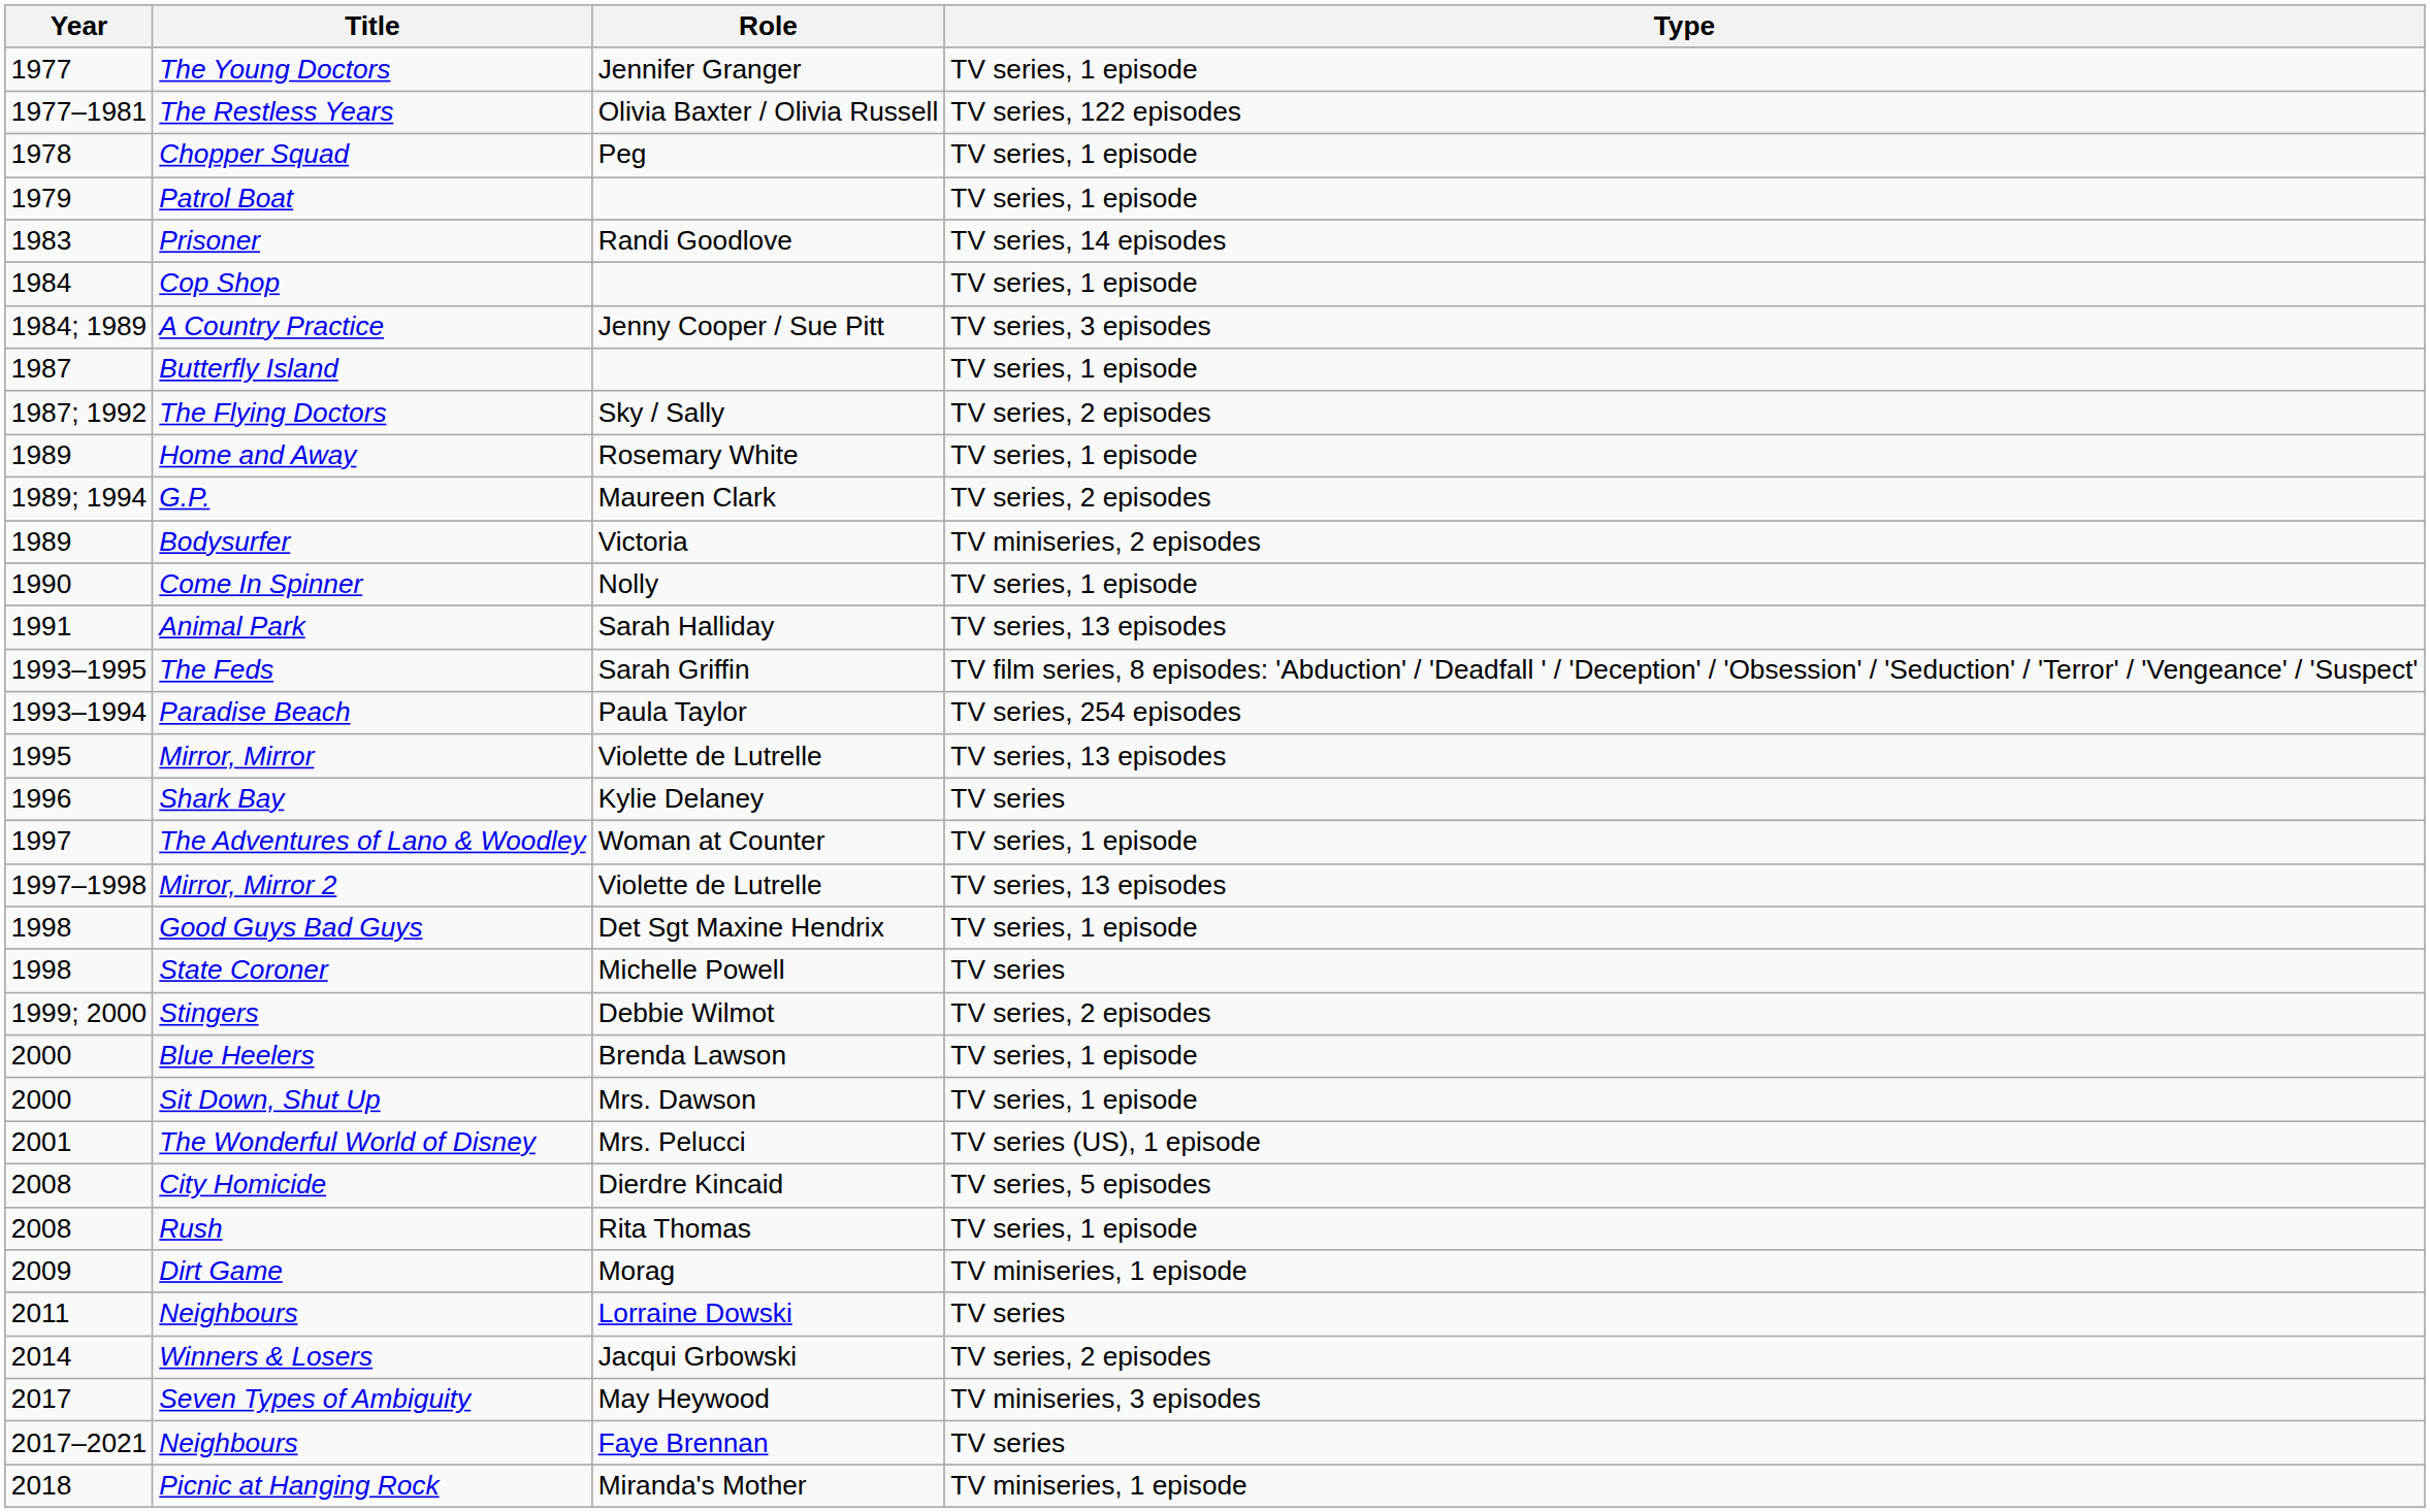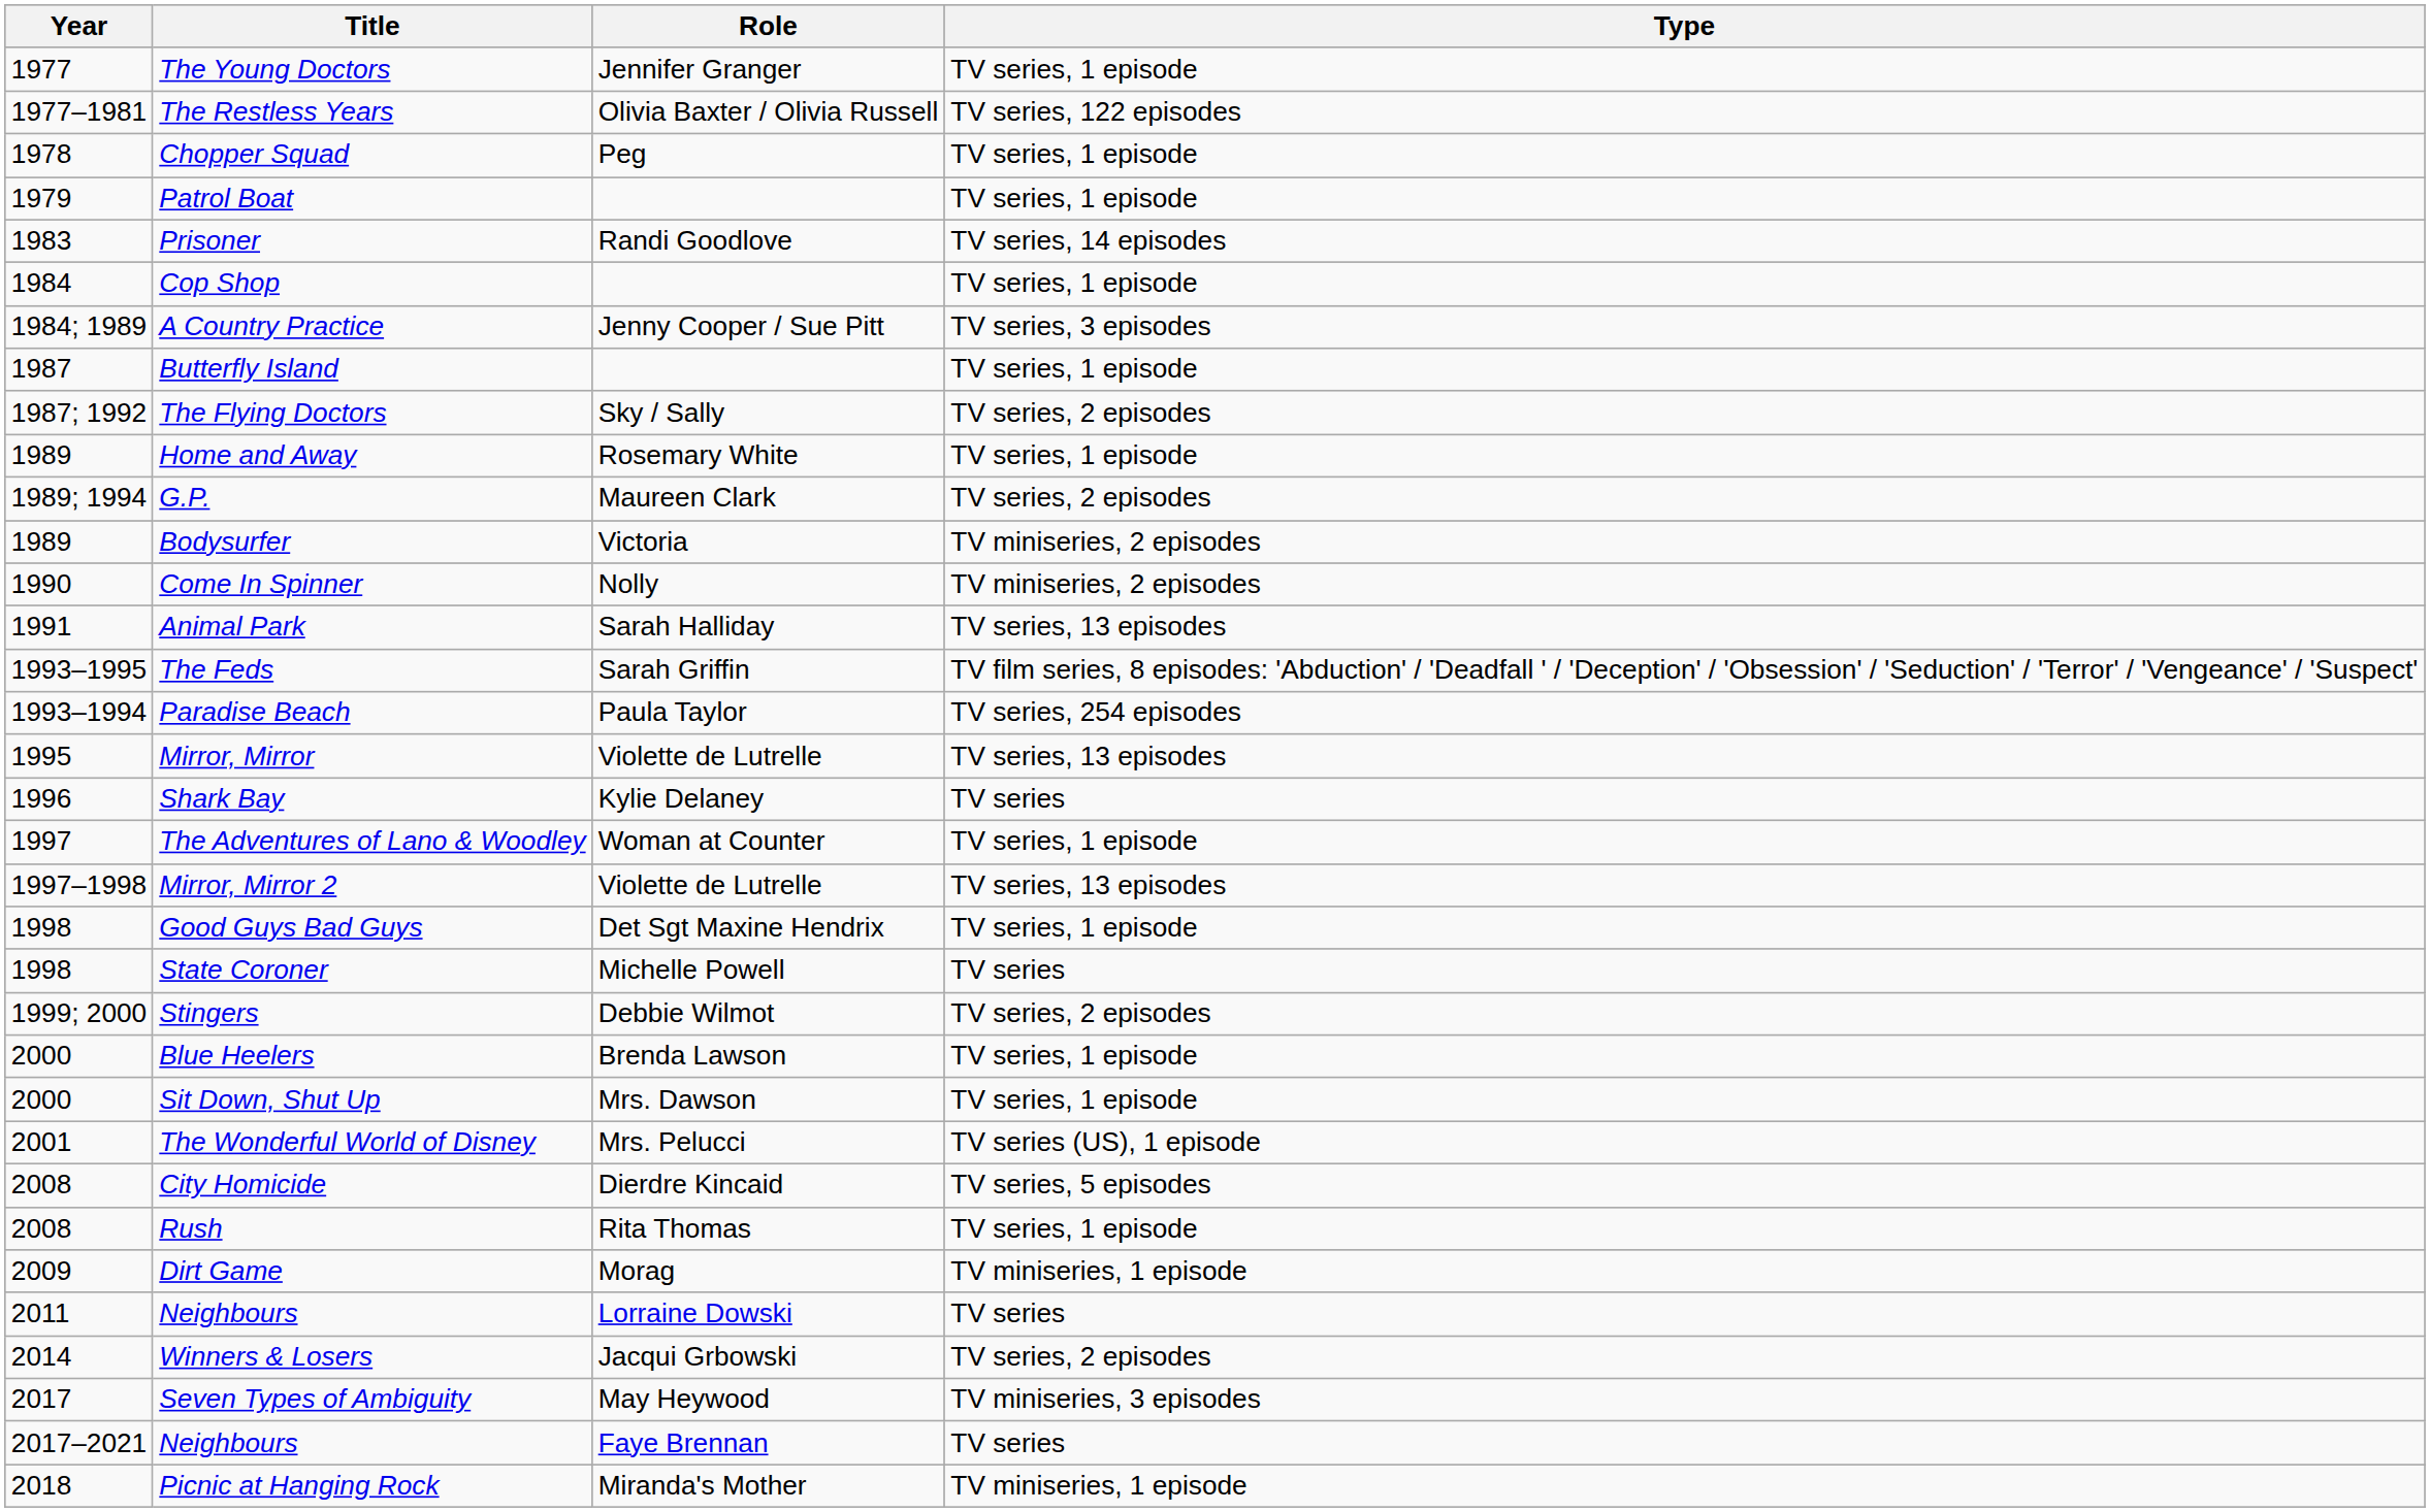 <table class="wikitable">
 <tr>
 <th>Year</th>
 <th>Title</th>
 <th>Role</th>
 <th>Type</th>
 </tr>
 <tr>
 <td>1977</td>
 <td><em><a href='#'>The Young Doctors</a></em></td>
 <td>Jennifer Granger</td>
 <td>TV series, 1 episode</td>
 </tr>
 <tr>
 <td>1977–1981</td>
 <td><em><a href='#'>The Restless Years</a></em></td>
 <td>Olivia Baxter / Olivia Russell</td>
 <td>TV series, 122 episodes</td>
 </tr>
 <tr>
 <td>1978</td>
 <td><em><a href='#'>Chopper Squad</a></em></td>
 <td>Peg</td>
 <td>TV series, 1 episode</td>
 </tr>
 <tr>
 <td>1979</td>
 <td><em><a href='#'>Patrol Boat</a></em></td>
 <td></td>
 <td>TV series, 1 episode</td>
 </tr>
 <tr>
 <td>1983</td>
 <td><em><a href='#'>Prisoner</a></em></td>
 <td>Randi Goodlove</td>
 <td>TV series, 14 episodes</td>
 </tr>
 <tr>
 <td>1984</td>
 <td><em><a href='#'>Cop Shop</a></em></td>
 <td></td>
 <td>TV series, 1 episode</td>
 </tr>
 <tr>
 <td>1984; 1989</td>
 <td><em><a href='#'>A Country Practice</a></em></td>
 <td>Jenny Cooper / Sue Pitt</td>
 <td>TV series, 3 episodes</td>
 </tr>
 <tr>
 <td>1987</td>
 <td><em><a href='#'>Butterfly Island</a></em></td>
 <td></td>
 <td>TV series, 1 episode</td>
 </tr>
 <tr>
 <td>1987; 1992</td>
 <td><em><a href='#'>The Flying Doctors</a></em></td>
 <td>Sky / Sally</td>
 <td>TV series, 2 episodes</td>
 </tr>
 <tr>
 <td>1989</td>
 <td><em><a href='#'>Home and Away</a></em></td>
 <td>Rosemary White</td>
 <td>TV series, 1 episode</td>
 </tr>
 <tr>
 <td>1989; 1994</td>
 <td><em><a href='#'>G.P.</a></em></td>
 <td>Maureen Clark</td>
 <td>TV series, 2 episodes</td>
 </tr>
 <tr>
 <td>1989</td>
 <td><em><a href='#'>Bodysurfer</a></em></td>
 <td>Victoria</td>
 <td>TV miniseries, 2 episodes</td>
 </tr>
 <tr>
 <td>1990</td>
 <td><em><a href='#'>Come In Spinner</a></em></td>
 <td>Nolly</td>
-<td>TV series, 1 episode</td>
+<td>TV miniseries, 2 episodes</td>
 </tr>
 <tr>
 <td>1991</td>
 <td><em><a href='#'>Animal Park</a></em></td>
 <td>Sarah Halliday</td>
 <td>TV series, 13 episodes</td>
 </tr>
 <tr>
 <td>1993–1995</td>
 <td><em><a href='#'>The Feds</a></em></td>
 <td>Sarah Griffin</td>
 <td>TV film series, 8 episodes: 'Abduction' / 'Deadfall ' / 'Deception' / 'Obsession' / 'Seduction' / 'Terror' / 'Vengeance' / 'Suspect'</td>
 </tr>
 <tr>
 <td>1993–1994</td>
 <td><em><a href='#'>Paradise Beach</a></em></td>
 <td>Paula Taylor</td>
 <td>TV series, 254 episodes</td>
 </tr>
 <tr>
 <td>1995</td>
 <td><em><a href='#'>Mirror, Mirror</a></em></td>
 <td>Violette de Lutrelle</td>
 <td>TV series, 13 episodes</td>
 </tr>
 <tr>
 <td>1996</td>
 <td><em><a href='#'>Shark Bay</a></em></td>
 <td>Kylie Delaney</td>
 <td>TV series</td>
 </tr>
 <tr>
 <td>1997</td>
 <td><em><a href='#'>The Adventures of Lano & Woodley</a></em></td>
 <td>Woman at Counter</td>
 <td>TV series, 1 episode</td>
 </tr>
 <tr>
 <td>1997–1998</td>
 <td><em><a href='#'>Mirror, Mirror 2</a></em></td>
 <td>Violette de Lutrelle</td>
 <td>TV series, 13 episodes</td>
 </tr>
 <tr>
 <td>1998</td>
 <td><em><a href='#'>Good Guys Bad Guys</a></em></td>
 <td>Det Sgt Maxine Hendrix</td>
 <td>TV series, 1 episode</td>
 </tr>
 <tr>
 <td>1998</td>
 <td><em><a href='#'>State Coroner</a></em></td>
 <td>Michelle Powell</td>
 <td>TV series</td>
 </tr>
 <tr>
 <td>1999; 2000</td>
 <td><em><a href='#'>Stingers</a></em></td>
 <td>Debbie Wilmot</td>
 <td>TV series, 2 episodes</td>
 </tr>
 <tr>
 <td>2000</td>
 <td><em><a href='#'>Blue Heelers</a></em></td>
 <td>Brenda Lawson</td>
 <td>TV series, 1 episode</td>
 </tr>
 <tr>
 <td>2000</td>
 <td><em><a href='#'>Sit Down, Shut Up</a></em></td>
 <td>Mrs. Dawson</td>
 <td>TV series, 1 episode</td>
 </tr>
 <tr>
 <td>2001</td>
 <td><em><a href='#'>The Wonderful World of Disney</a></em></td>
 <td>Mrs. Pelucci</td>
 <td>TV series (US), 1 episode</td>
 </tr>
 <tr>
 <td>2008</td>
 <td><em><a href='#'>City Homicide</a></em></td>
 <td>Dierdre Kincaid</td>
 <td>TV series, 5 episodes</td>
 </tr>
 <tr>
 <td>2008</td>
 <td><em><a href='#'>Rush</a></em></td>
 <td>Rita Thomas</td>
 <td>TV series, 1 episode</td>
 </tr>
 <tr>
 <td>2009</td>
 <td><em><a href='#'>Dirt Game</a></em></td>
 <td>Morag</td>
 <td>TV miniseries, 1 episode</td>
 </tr>
 <tr>
 <td>2011</td>
 <td><em><a href='#'>Neighbours</a></em></td>
 <td><a href='#'>Lorraine Dowski</a></td>
 <td>TV series</td>
 </tr>
 <tr>
 <td>2014</td>
 <td><em><a href='#'>Winners & Losers</a></em></td>
 <td>Jacqui Grbowski</td>
 <td>TV series, 2 episodes</td>
 </tr>
 <tr>
 <td>2017</td>
 <td><em><a href='#'>Seven Types of Ambiguity</a></em></td>
 <td>May Heywood</td>
 <td>TV miniseries, 3 episodes</td>
 </tr>
 <tr>
 <td>2017–2021</td>
 <td><em><a href='#'>Neighbours</a></em></td>
 <td><a href='#'>Faye Brennan</a></td>
 <td>TV series</td>
 </tr>
 <tr>
 <td>2018</td>
 <td><em><a href='#'>Picnic at Hanging Rock</a></em></td>
 <td>Miranda's Mother</td>
 <td>TV miniseries, 1 episode</td>
 </tr>
 </table>
